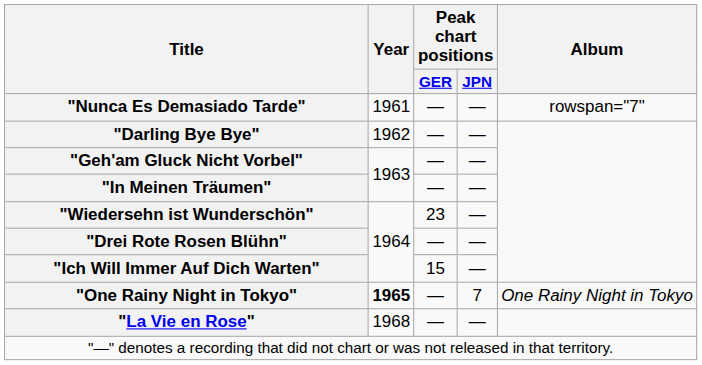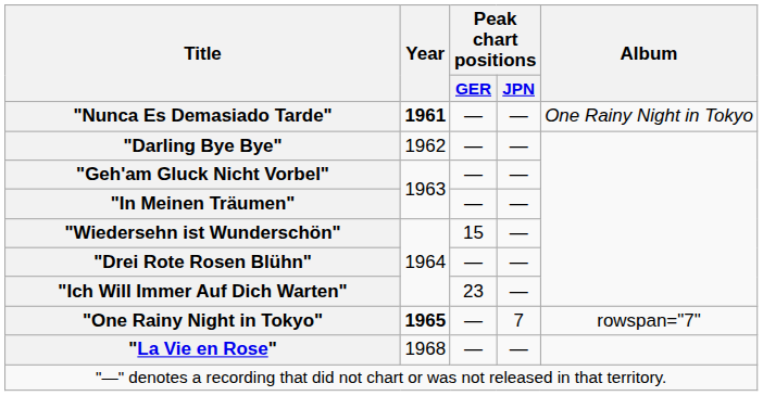 <table class="wikitable plainrowheaders" style="text-align:center;" border="1">
 <tr>
 <th scope="col" rowspan="2" style="width:21em;">Title</th>
 <th scope="col" rowspan="2">Year</th>
 <th scope="col" colspan="2">Peak chart<br>positions</th>
 <th scope="col" rowspan="2">Album</th>
 </tr>
 <tr>
 <th scope="col" style="width:2em;font-size:90%;"><a href='#'>GER</a><br></th>
 <th scope="col" style="width:2em;font-size:90%;"><a href='#'>JPN</a><br></th>
 </tr>
 <tr>
 <th scope="row">"Nunca Es Demasiado Tarde"</th>
-<td>1961</td>
+<td><strong>1961</strong></td>
 <td>—</td>
 <td>—</td>
-<td>rowspan="7" </td>
+<td><em>One Rainy Night in Tokyo</em></td>
 </tr>
 <tr>
 <th scope="row">"Darling Bye Bye"</th>
 <td>1962</td>
 <td>—</td>
 <td>—</td>
 </tr>
 <tr>
 <th scope="row">"Geh'am Gluck Nicht Vorbel"</th>
 <td rowspan="2">1963</td>
 <td>—</td>
 <td>—</td>
 </tr>
 <tr>
 <th scope="row">"In Meinen Träumen"</th>
 <td>—</td>
 <td>—</td>
 </tr>
 <tr>
 <th scope="row">"Wiedersehn ist Wunderschön"</th>
 <td rowspan="3">1964</td>
-<td>23</td>
+<td>15</td>
 <td>—</td>
 </tr>
 <tr>
 <th scope="row">"Drei Rote Rosen Blühn"</th>
 <td>—</td>
 <td>—</td>
 </tr>
 <tr>
 <th scope="row">"Ich Will Immer Auf Dich Warten"</th>
-<td>15</td>
+<td>23</td>
 <td>—</td>
 </tr>
 <tr>
 <th scope="row">"One Rainy Night in Tokyo"</th>
 <td><strong>1965</strong></td>
 <td>—</td>
 <td>7</td>
-<td><em>One Rainy Night in Tokyo</em></td>
+<td>rowspan="7" </td>
 </tr>
 <tr>
 <th scope="row">"<a href='#'>La Vie en Rose</a>"</th>
 <td>1968</td>
 <td>—</td>
 <td>—</td>
 <td></td>
 </tr>
 <tr>
 <td colspan="5" style="font-size:90%">"—" denotes a recording that did not chart or was not released in that territory.</td>
 </tr>
 </table>
